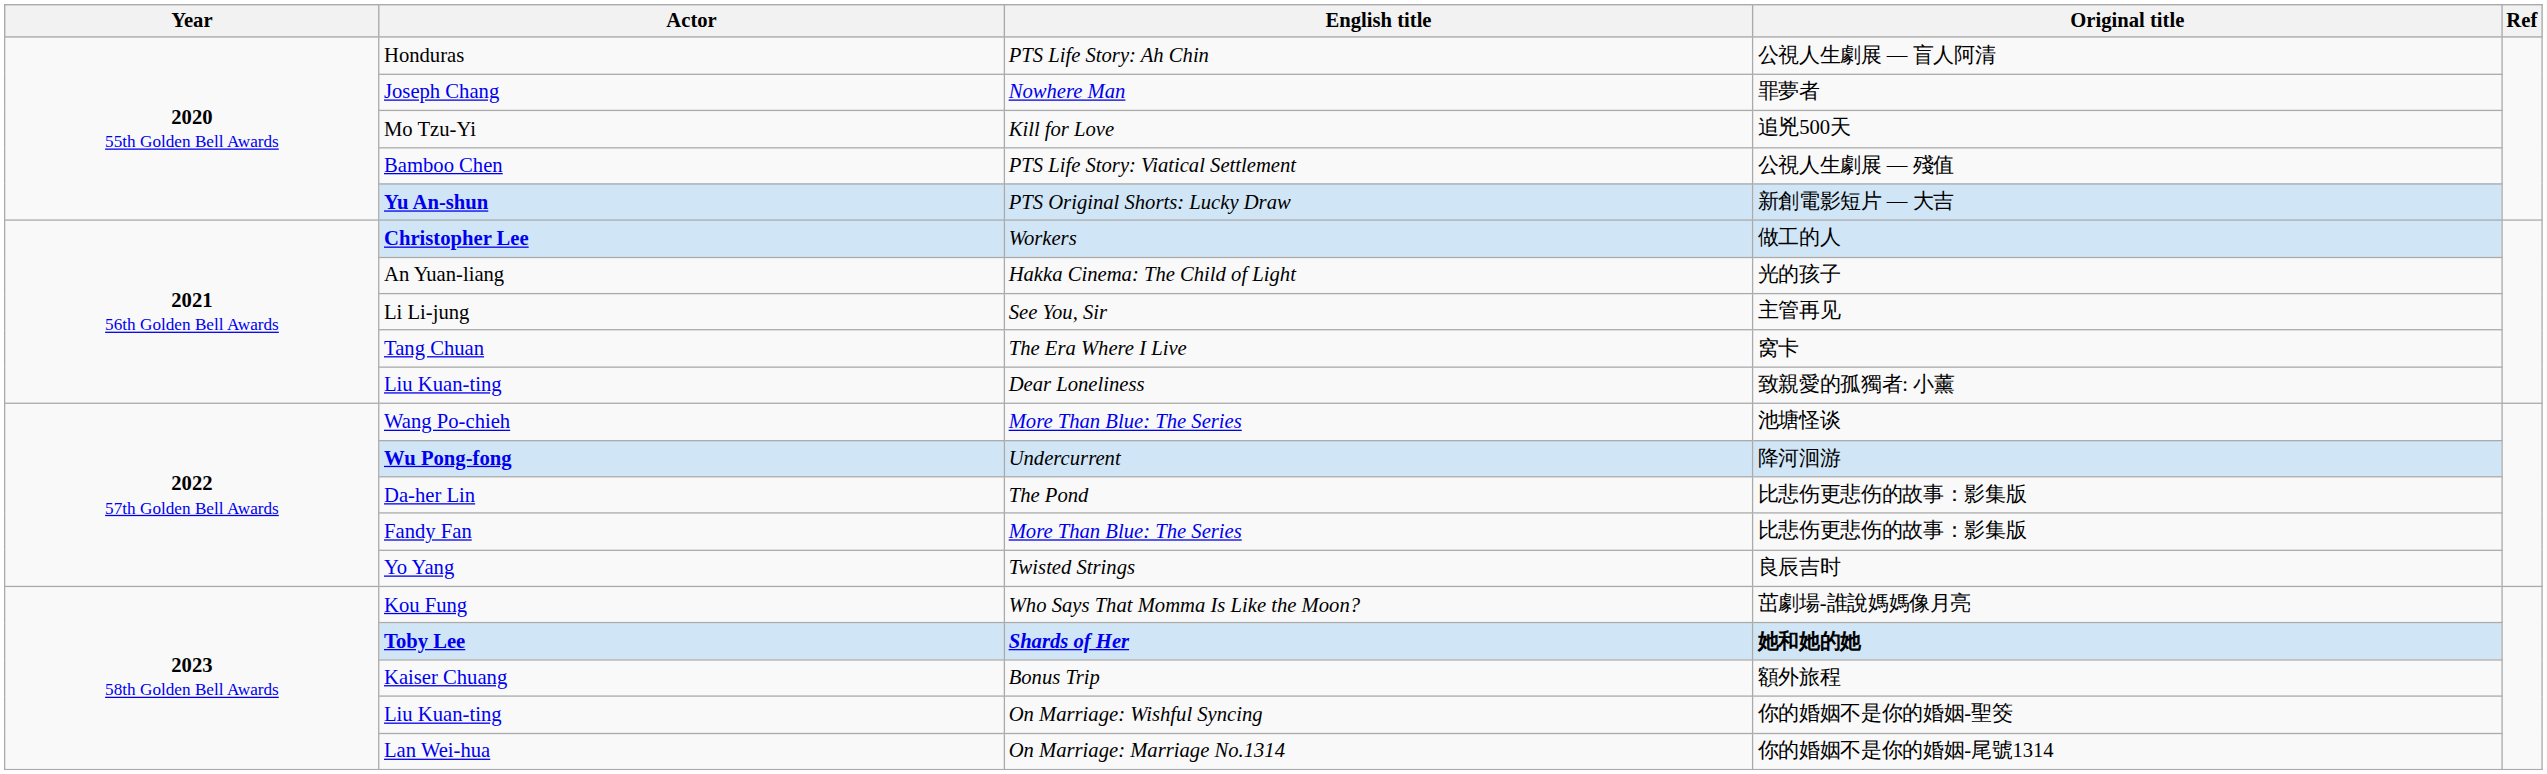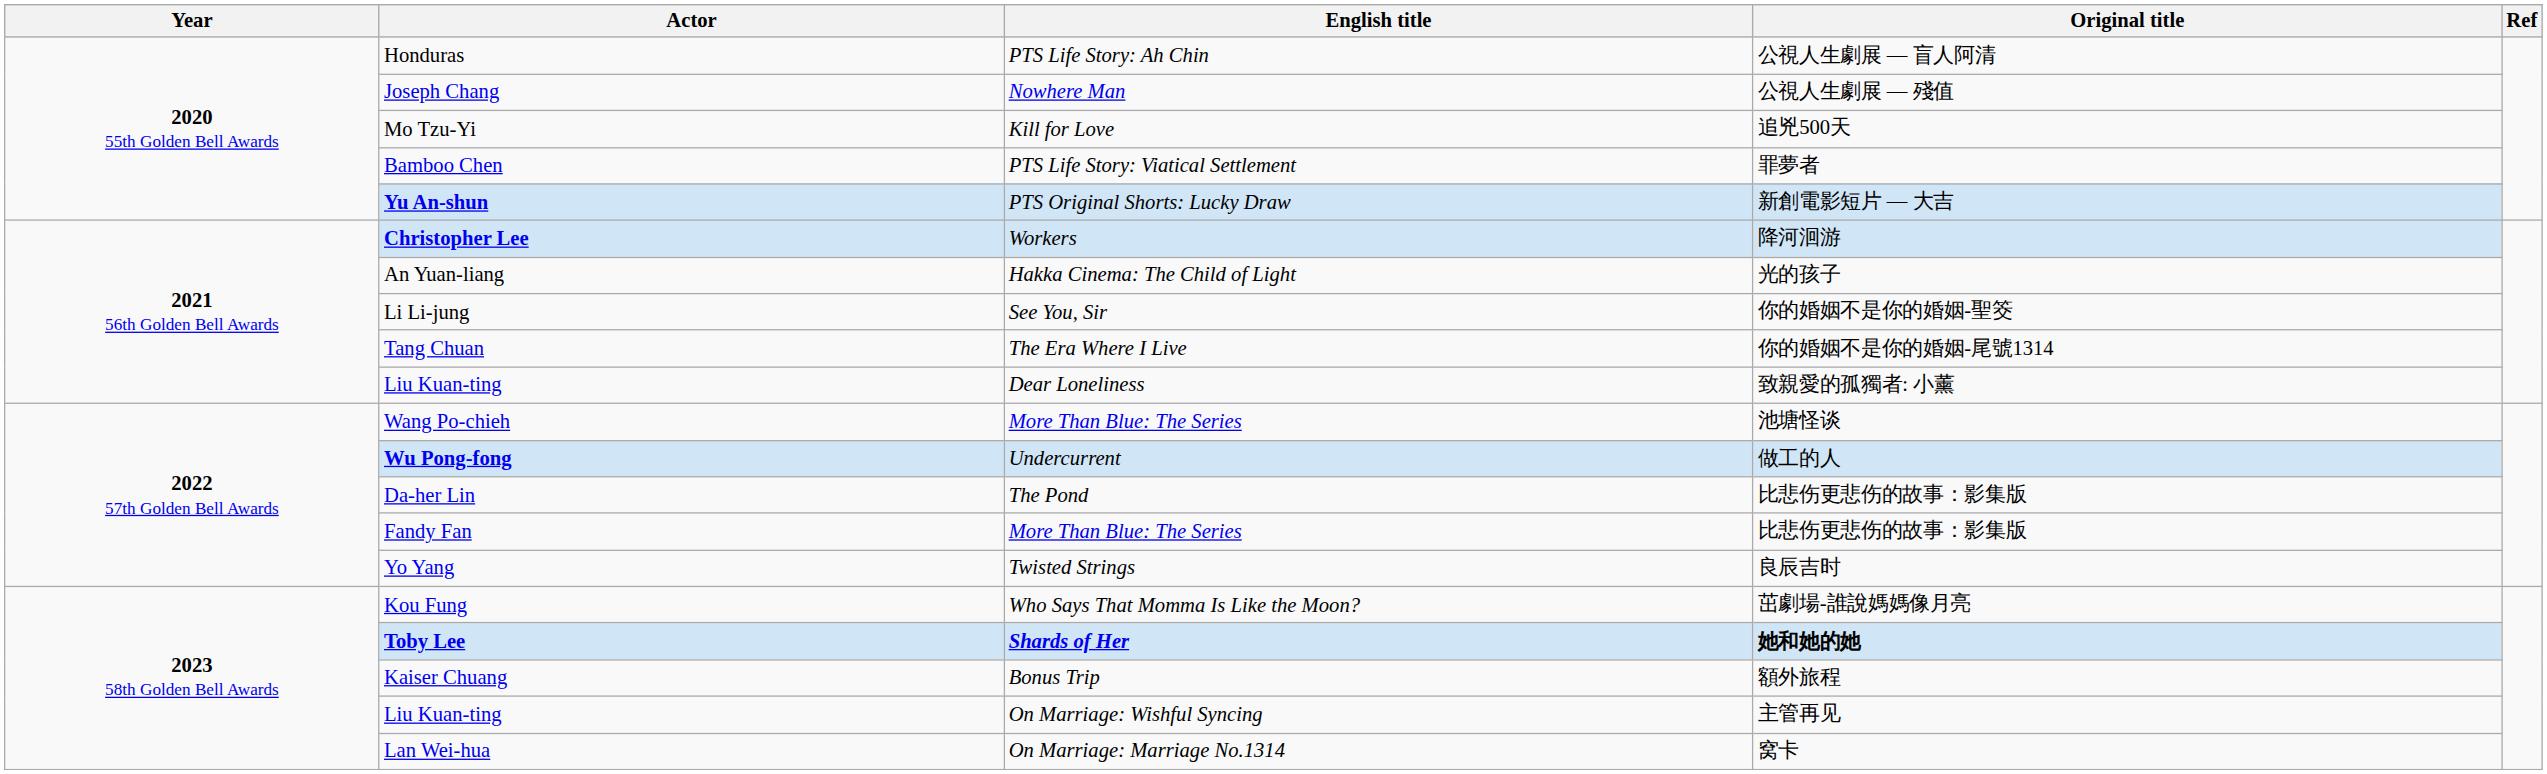 <table class="wikitable">
 <tr style="background:#bebebe;">
 <th style="width:15%;">Year</th>
 <th style="width:25%;">Actor</th>
 <th style="width:30%;">English title</th>
 <th style="width:30%;">Original title</th>
 <th style="width:2%;">Ref</th>
 </tr>
 <tr>
 <td rowspan=5 style="text-align:center"><strong>2020</strong> <br> <small><a href='#'>55th Golden Bell Awards</a></small></td>
 <td>Honduras</td>
 <td><em>PTS Life Story: Ah Chin</em></td>
 <td>公視人生劇展 — 盲人阿清</td>
 <td rowspan=5></td>
 </tr>
 <tr>
 <td><a href='#'>Joseph Chang</a></td>
 <td><em><a href='#'>Nowhere Man</a></em></td>
-<td>罪夢者</td>
+<td>公視人生劇展 — 殘值</td>
 </tr>
 <tr>
 <td>Mo Tzu-Yi</td>
 <td><em>Kill for Love</em></td>
 <td>追兇500天</td>
 </tr>
 <tr>
 <td><a href='#'>Bamboo Chen</a></td>
 <td><em>PTS Life Story: Viatical Settlement</em></td>
-<td>公視人生劇展 — 殘值</td>
+<td>罪夢者</td>
 </tr>
 <tr>
 <td style="background:#d0e5f5;"><strong><a href='#'>Yu An-shun</a></strong></td>
 <td style="background:#d0e5f5;"><em>PTS Original Shorts: Lucky Draw</em></td>
 <td style="background:#d0e5f5;">新創電影短片 — 大吉</td>
 </tr>
 <tr>
 <td rowspan=5 style="text-align:center"><strong>2021</strong> <br> <small><a href='#'>56th Golden Bell Awards</a></small></td>
 <td style="background:#d0e5f5;"><strong><a href='#'>Christopher Lee</a></strong></td>
 <td style="background:#d0e5f5;"><em>Workers</em></td>
-<td style="background:#d0e5f5;">做工的人</td>
+<td style="background:#d0e5f5;">降河洄游</td>
 <td rowspan=5></td>
 </tr>
 <tr>
 <td>An Yuan-liang</td>
 <td><em>Hakka Cinema: The Child of Light</em></td>
 <td>光的孩子</td>
 </tr>
 <tr>
 <td>Li Li-jung</td>
 <td><em>See You, Sir</em></td>
-<td>主管再见</td>
+<td>你的婚姻不是你的婚姻-聖筊</td>
 </tr>
 <tr>
 <td><a href='#'>Tang Chuan</a></td>
 <td><em>The Era Where I Live</em></td>
-<td>窝卡</td>
+<td>你的婚姻不是你的婚姻-尾號1314</td>
 </tr>
 <tr>
 <td><a href='#'>Liu Kuan-ting</a></td>
 <td><em>Dear Loneliness</em></td>
 <td>致親愛的孤獨者: 小薰</td>
 </tr>
 <tr>
 <td rowspan=5 style="text-align:center"><strong>2022</strong> <br> <small><a href='#'>57th Golden Bell Awards</a></small></td>
 <td><a href='#'>Wang Po-chieh</a></td>
 <td><em><a href='#'>More Than Blue: The Series</a></em></td>
 <td>池塘怪谈</td>
 <td rowspan=5></td>
 </tr>
 <tr>
 <td style="background:#d0e5f5;"><strong><a href='#'>Wu Pong-fong</a></strong></td>
 <td style="background:#d0e5f5;"><em>Undercurrent</em></td>
-<td style="background:#d0e5f5;">降河洄游</td>
+<td style="background:#d0e5f5;">做工的人</td>
 </tr>
 <tr>
 <td><a href='#'>Da-her Lin</a></td>
 <td><em>The Pond</em></td>
 <td>比悲伤更悲伤的故事：影集版</td>
 </tr>
 <tr>
 <td><a href='#'>Fandy Fan</a></td>
 <td><em><a href='#'>More Than Blue: The Series</a></em></td>
 <td>比悲伤更悲伤的故事：影集版</td>
 </tr>
 <tr>
 <td><a href='#'>Yo Yang</a></td>
 <td><em>Twisted Strings</em></td>
 <td>良辰吉时</td>
 </tr>
 <tr>
 <td rowspan=5 style="text-align:center"><strong>2023</strong> <br> <small><a href='#'>58th Golden Bell Awards</a></small></td>
 <td><a href='#'>Kou Fung</a></td>
 <td><em>Who Says That Momma Is Like the Moon?</em></td>
 <td>茁劇場-誰說媽媽像月亮</td>
 <td rowspan=5></td>
 </tr>
 <tr>
 <td style="background:#d0e5f5;"><strong><a href='#'>Toby Lee</a></strong></td>
 <td style="background:#d0e5f5;"><strong><em><a href='#'>Shards of Her</a></em></strong></td>
 <td style="background:#d0e5f5;"><strong>她和她的她</strong></td>
 </tr>
 <tr>
 <td><a href='#'>Kaiser Chuang</a></td>
 <td><em>Bonus Trip</em></td>
 <td>額外旅程</td>
 </tr>
 <tr>
 <td><a href='#'>Liu Kuan-ting</a></td>
 <td><em>On Marriage: Wishful Syncing</em></td>
-<td>你的婚姻不是你的婚姻-聖筊</td>
+<td>主管再见</td>
 </tr>
 <tr>
 <td><a href='#'>Lan Wei-hua</a></td>
 <td><em>On Marriage: Marriage No.1314</em></td>
-<td>你的婚姻不是你的婚姻-尾號1314</td>
+<td>窝卡</td>
 </tr>
 <tr>
 </tr>
 </table>
